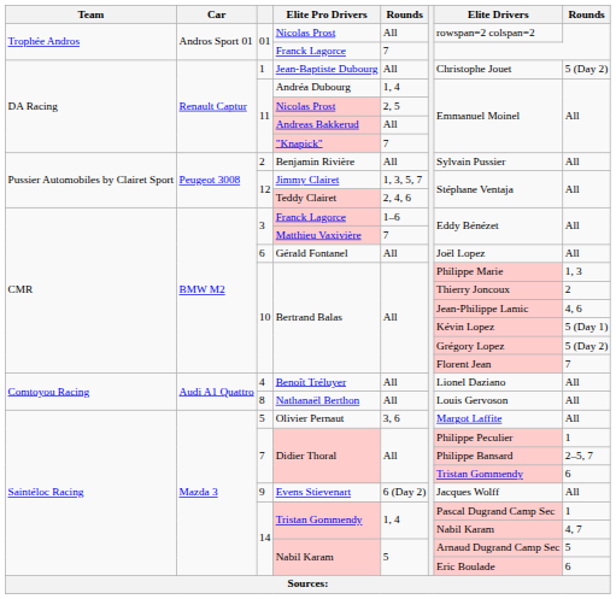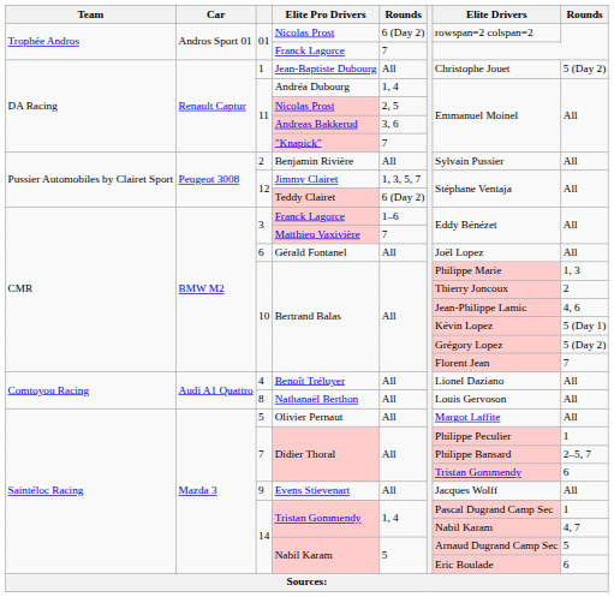 <table class="wikitable" style="font-size: 85%">
 <tr>
 <th>Team</th>
 <th>Car</th>
 <th></th>
 <th>Elite Pro Drivers</th>
 <th>Rounds</th>
 <th rowspan=31></th>
 <th>Elite Drivers</th>
 <th>Rounds</th>
 </tr>
 <tr>
 <td rowspan=2> <a href='#'>Trophée Andros</a></td>
 <td rowspan=2>Andros Sport 01</td>
 <td rowspan=2>01</td>
 <td> <a href='#'>Nicolas Prost</a></td>
-<td>All</td>
+<td>6 (Day 2)</td>
 <td>rowspan=2 colspan=2 </td>
 </tr>
 <tr>
 <td> <a href='#'>Franck Lagorce</a></td>
 <td>7</td>
 </tr>
 <tr>
 <td rowspan=5> DA Racing</td>
 <td rowspan=5><a href='#'>Renault Captur</a></td>
 <td>1</td>
 <td> <a href='#'>Jean-Baptiste Dubourg</a></td>
 <td>All</td>
 <td> Christophe Jouet</td>
 <td>5 (Day 2)</td>
 </tr>
 <tr>
 <td rowspan=4>11</td>
 <td> Andréa Dubourg</td>
 <td>1, 4</td>
 <td rowspan=4> Emmanuel Moinel</td>
 <td rowspan=4>All</td>
 </tr>
 <tr>
 <td style="background:#FFCCCC;"> <a href='#'>Nicolas Prost</a></td>
 <td>2, 5</td>
 </tr>
 <tr>
 <td style="background:#FFCCCC;"> <a href='#'>Andreas Bakkerud</a></td>
-<td>All</td>
+<td>3, 6</td>
 </tr>
 <tr>
 <td style="background:#FFCCCC;"> <a href='#'>"Knapick"</a></td>
 <td>7</td>
 </tr>
 <tr>
 <td rowspan=3> Pussier Automobiles by Clairet Sport</td>
 <td rowspan=3><a href='#'>Peugeot 3008</a></td>
 <td>2</td>
 <td> Benjamin Rivière</td>
 <td>All</td>
 <td> Sylvain Pussier</td>
 <td>All</td>
 </tr>
 <tr>
 <td rowspan=2>12</td>
 <td> <a href='#'>Jimmy Clairet</a></td>
 <td>1, 3, 5, 7</td>
 <td rowspan=2> Stéphane Ventaja</td>
 <td rowspan=2>All</td>
 </tr>
 <tr>
 <td style="background:#FFCCCC;"> Teddy Clairet</td>
-<td>2, 4, 6</td>
+<td>6 (Day 2)</td>
 </tr>
 <tr>
 <td rowspan=9> CMR</td>
 <td rowspan=9><a href='#'>BMW M2</a></td>
 <td rowspan=2>3</td>
 <td style="background:#FFCCCC;"> <a href='#'>Franck Lagorce</a></td>
 <td>1–6</td>
 <td rowspan=2> Eddy Bénézet</td>
 <td rowspan=2>All</td>
 </tr>
 <tr>
 <td style="background:#FFCCCC;"> <a href='#'>Matthieu Vaxivière</a></td>
 <td>7</td>
 </tr>
 <tr>
 <td>6</td>
 <td> Gérald Fontanel</td>
 <td>All</td>
 <td> Joël Lopez</td>
 <td>All</td>
 </tr>
 <tr>
 <td rowspan=6>10</td>
 <td rowspan=6> Bertrand Balas</td>
 <td rowspan=6>All</td>
 <td style="background:#FFCCCC;"> Philippe Marie</td>
 <td>1, 3</td>
 </tr>
 <tr>
 <td style="background:#FFCCCC;"> Thierry Joncoux</td>
 <td>2</td>
 </tr>
 <tr>
 <td style="background:#FFCCCC;"> Jean-Philippe Lamic</td>
 <td>4, 6</td>
 </tr>
 <tr>
 <td style="background:#FFCCCC;"> Kévin Lopez</td>
 <td>5 (Day 1)</td>
 </tr>
 <tr>
 <td style="background:#FFCCCC;"> Grégory Lopez</td>
 <td>5 (Day 2)</td>
 </tr>
 <tr>
 <td style="background:#FFCCCC;"> Florent Jean</td>
 <td>7</td>
 </tr>
 <tr>
 <td rowspan=2> <a href='#'>Comtoyou Racing</a></td>
 <td rowspan=2><a href='#'>Audi A1 Quattro</a></td>
 <td>4</td>
 <td> <a href='#'>Benoît Tréluyer</a></td>
 <td>All</td>
 <td> Lionel Daziano</td>
 <td>All</td>
 </tr>
 <tr>
 <td>8</td>
 <td> <a href='#'>Nathanaël Berthon</a></td>
 <td>All</td>
 <td> Louis Gervoson</td>
 <td>All</td>
 </tr>
 <tr>
 <td rowspan=9> <a href='#'>Saintéloc Racing</a></td>
 <td rowspan=9><a href='#'>Mazda 3</a></td>
 <td>5</td>
 <td> Olivier Pernaut</td>
-<td>3, 6</td>
+<td>All</td>
 <td> <a href='#'>Margot Laffite</a></td>
 <td>All</td>
 </tr>
 <tr>
 <td rowspan=3>7</td>
 <td style="background:#FFCCCC;" rowspan=3> Didier Thoral</td>
 <td rowspan=3>All</td>
 <td style="background:#FFCCCC;"> Philippe Peculier</td>
 <td>1</td>
 </tr>
 <tr>
 <td style="background:#FFCCCC;"> Philippe Bansard</td>
 <td>2–5, 7</td>
 </tr>
 <tr>
 <td style="background:#FFCCCC;"> <a href='#'>Tristan Gommendy</a></td>
 <td>6</td>
 </tr>
 <tr>
 <td>9</td>
 <td> <a href='#'>Evens Stievenart</a></td>
-<td>6 (Day 2)</td>
+<td>All</td>
 <td> Jacques Wolff</td>
 <td>All</td>
 </tr>
 <tr>
 <td rowspan=4>14</td>
 <td style="background:#FFCCCC;" rowspan=2> <a href='#'>Tristan Gommendy</a></td>
 <td rowspan=2>1, 4</td>
 <td style="background:#FFCCCC;"> Pascal Dugrand Camp Sec</td>
 <td>1</td>
 </tr>
 <tr>
 <td style="background:#FFCCCC;"> Nabil Karam</td>
 <td>4, 7</td>
 </tr>
 <tr>
 <td rowspan=2 style="background:#FFCCCC;"> Nabil Karam</td>
 <td rowspan=2>5</td>
 <td style="background:#FFCCCC;"> Arnaud Dugrand Camp Sec</td>
 <td>5</td>
 </tr>
 <tr>
 <td style="background:#FFCCCC;"> Eric Boulade</td>
 <td>6</td>
 </tr>
 <tr>
 <th colspan=8>Sources:</th>
 </tr>
 </table>
